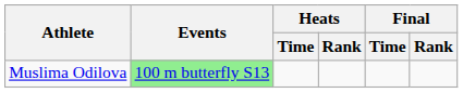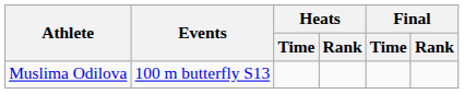 <table class=wikitable style="font-size:90%">
 <tr>
 <th rowspan="2">Athlete</th>
 <th rowspan="2">Events</th>
 <th colspan="2">Heats</th>
 <th colspan="2">Final</th>
 </tr>
 <tr>
 <th>Time</th>
 <th>Rank</th>
 <th>Time</th>
 <th>Rank</th>
 </tr>
 <tr align=center>
 <td align=left><a href='#'>Muslima Odilova</a></td>
-<td align=left style="background: lightgreen;"><a href='#'>100 m butterfly S13</a></td>
+<td align=left><a href='#'>100 m butterfly S13</a></td>
 <td></td>
 <td></td>
 <td></td>
 <td></td>
 </tr>
 </table>
